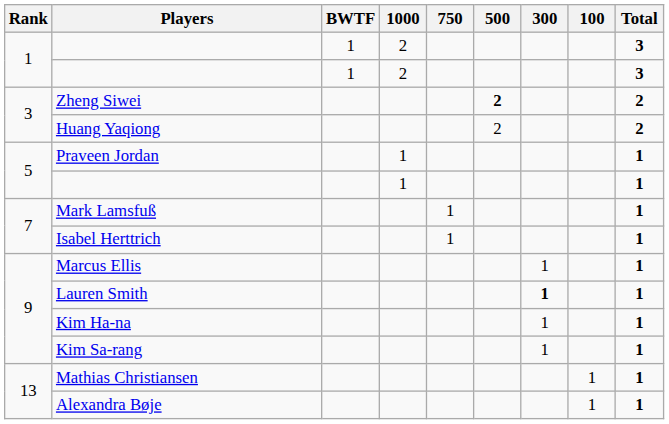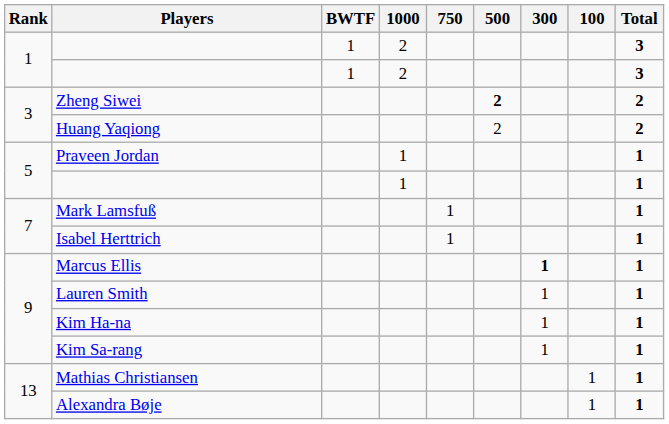 <table class="wikitable" style="font-size:80%; text-align:center">
 <tr>
 <th width="30">Rank</th>
 <th width="200">Players</th>
 <th width="30">BWTF</th>
 <th width="30">1000</th>
 <th width="30">750</th>
 <th width="30">500</th>
 <th width="30">300</th>
 <th width="30">100</th>
 <th width="30">Total</th>
 </tr>
 <tr>
 <td rowspan="2">1</td>
 <td align="left"></td>
 <td>1</td>
 <td>2</td>
 <td></td>
 <td></td>
 <td></td>
 <td></td>
 <td><strong>3</strong></td>
 </tr>
 <tr>
 <td align="left"></td>
 <td>1</td>
 <td>2</td>
 <td></td>
 <td></td>
 <td></td>
 <td></td>
 <td><strong>3</strong></td>
 </tr>
 <tr>
 <td rowspan="2">3</td>
 <td align="left"> <a href='#'>Zheng Siwei</a></td>
 <td></td>
 <td></td>
 <td></td>
 <td><strong>2</strong></td>
 <td></td>
 <td></td>
 <td><strong>2</strong></td>
 </tr>
 <tr>
 <td align="left"> <a href='#'>Huang Yaqiong</a></td>
 <td></td>
 <td></td>
 <td></td>
 <td>2</td>
 <td></td>
 <td></td>
 <td><strong>2</strong></td>
 </tr>
 <tr>
 <td rowspan="2">5</td>
 <td align="left"> <a href='#'>Praveen Jordan</a></td>
 <td></td>
 <td>1</td>
 <td></td>
 <td></td>
 <td></td>
 <td></td>
 <td><strong>1</strong></td>
 </tr>
 <tr>
 <td align="left"></td>
 <td></td>
 <td>1</td>
 <td></td>
 <td></td>
 <td></td>
 <td></td>
 <td><strong>1</strong></td>
 </tr>
 <tr>
 <td rowspan="2">7</td>
 <td align="left"> <a href='#'>Mark Lamsfuß</a></td>
 <td></td>
 <td></td>
 <td>1</td>
 <td></td>
 <td></td>
 <td></td>
 <td><strong>1</strong></td>
 </tr>
 <tr>
 <td align="left"> <a href='#'>Isabel Herttrich</a></td>
 <td></td>
 <td></td>
 <td>1</td>
 <td></td>
 <td></td>
 <td></td>
 <td><strong>1</strong></td>
 </tr>
 <tr>
 <td rowspan="4">9</td>
 <td align="left"> <a href='#'>Marcus Ellis</a></td>
 <td></td>
 <td></td>
 <td></td>
 <td></td>
-<td>1</td>
+<td><strong>1</strong></td>
 <td></td>
 <td><strong>1</strong></td>
 </tr>
 <tr>
 <td align="left"> <a href='#'>Lauren Smith</a></td>
 <td></td>
 <td></td>
 <td></td>
 <td></td>
-<td><strong>1</strong></td>
+<td>1</td>
 <td></td>
 <td><strong>1</strong></td>
 </tr>
 <tr>
 <td align="left"> <a href='#'>Kim Ha-na</a></td>
 <td></td>
 <td></td>
 <td></td>
 <td></td>
 <td>1</td>
 <td></td>
 <td><strong>1</strong></td>
 </tr>
 <tr>
 <td align="left"> <a href='#'>Kim Sa-rang</a></td>
 <td></td>
 <td></td>
 <td></td>
 <td></td>
 <td>1</td>
 <td></td>
 <td><strong>1</strong></td>
 </tr>
 <tr>
 <td rowspan="2">13</td>
 <td align="left"> <a href='#'>Mathias Christiansen</a></td>
 <td></td>
 <td></td>
 <td></td>
 <td></td>
 <td></td>
 <td>1</td>
 <td><strong>1</strong></td>
 </tr>
 <tr>
 <td align="left"> <a href='#'>Alexandra Bøje</a></td>
 <td></td>
 <td></td>
 <td></td>
 <td></td>
 <td></td>
 <td>1</td>
 <td><strong>1</strong></td>
 </tr>
 </table>
